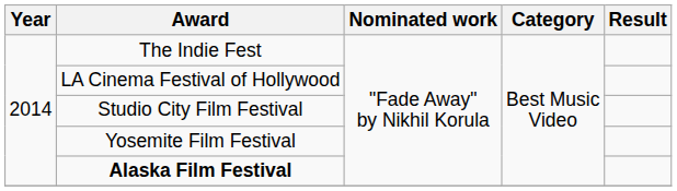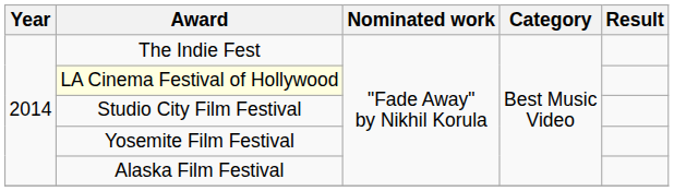 <table class="wikitable plainrowheaders" style="text-align:center;">
 <tr>
 <th>Year</th>
 <th>Award</th>
 <th>Nominated work</th>
 <th>Category</th>
 <th>Result</th>
 </tr>
 <tr>
 <td rowspan="5">2014</td>
 <td rowspan="1">The Indie Fest</td>
 <td rowspan="5">"Fade Away"<br>by Nikhil Korula</td>
 <td rowspan="5">Best Music<br>Video</td>
 <td></td>
 </tr>
 <tr>
-<td rowspan="1">LA Cinema Festival of Hollywood</td>
+<td rowspan="1" style="background: lightyellow;">LA Cinema Festival of Hollywood</td>
 <td></td>
 </tr>
 <tr>
 <td rowspan="1">Studio City Film Festival</td>
 <td></td>
 </tr>
 <tr>
 <td rowspan="1">Yosemite Film Festival</td>
 <td></td>
 </tr>
 <tr>
-<td rowspan="1"><strong>Alaska Film Festival</strong></td>
+<td rowspan="1">Alaska Film Festival</td>
 <td></td>
 </tr>
 <tr>
 </tr>
 </table>
